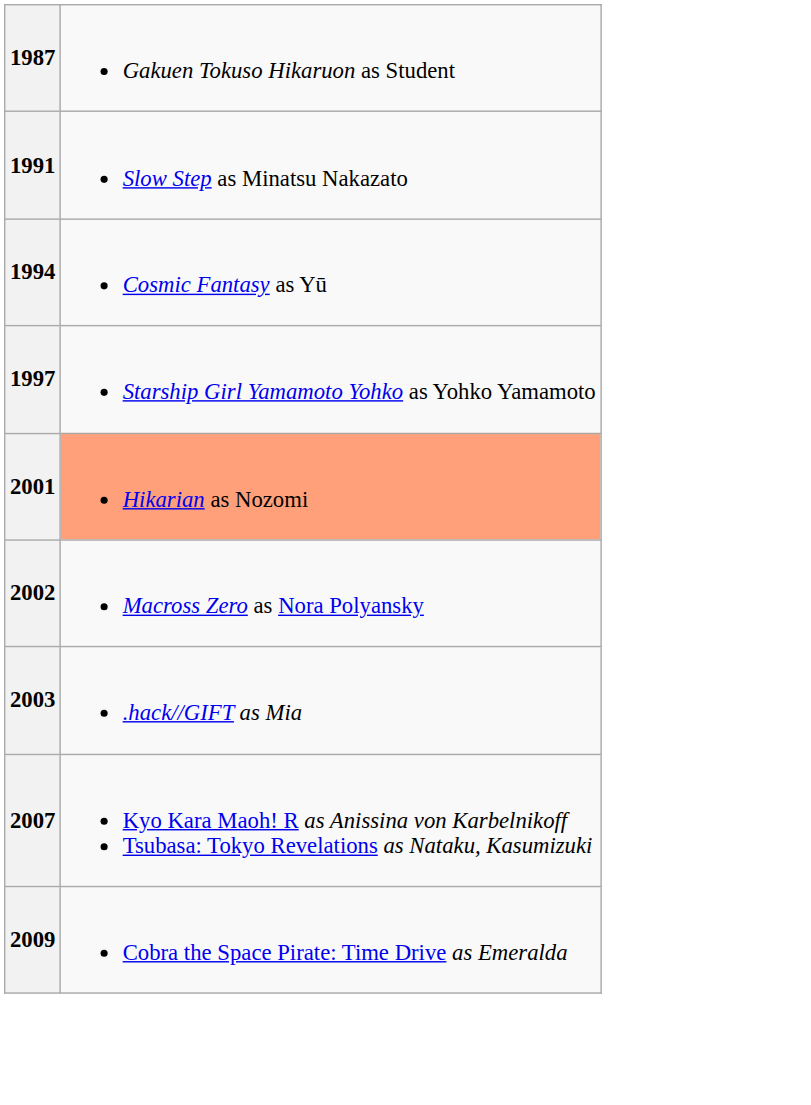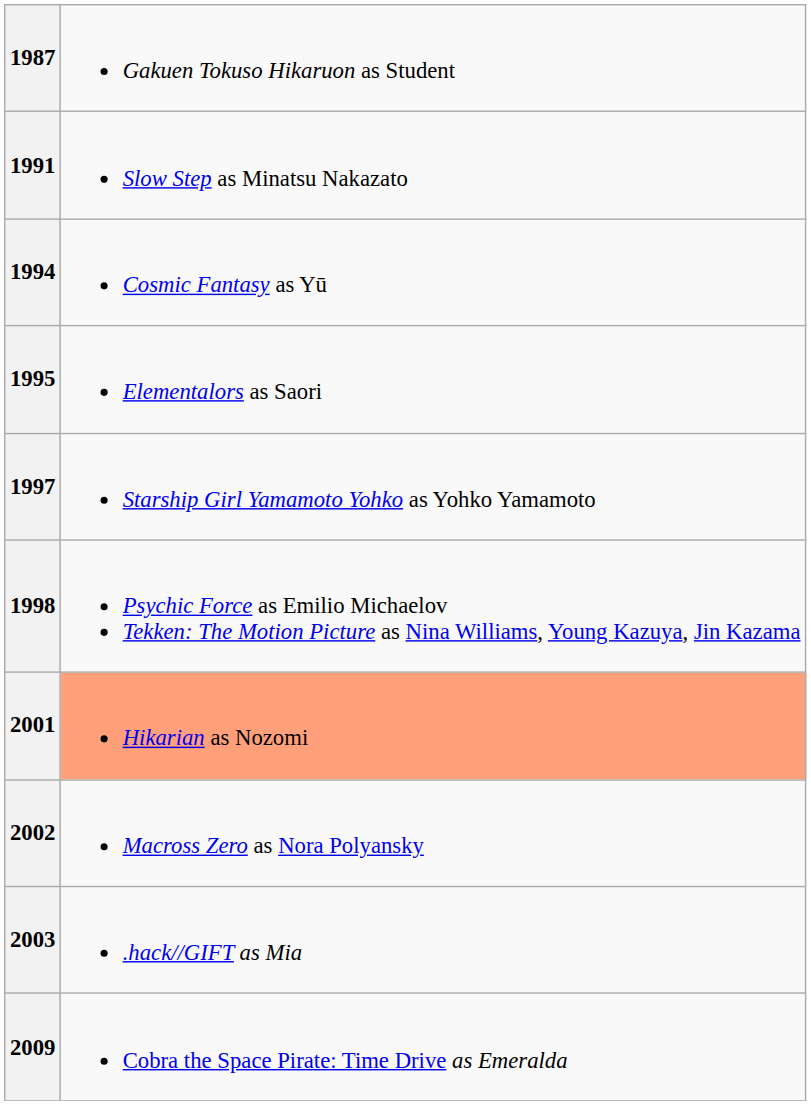 <table class="wikitable" width="all">
 <tr>
 <th>1987</th>
 <td><br><ul><li><em>Gakuen Tokuso Hikaruon</em> as Student</li></ul></td>
 </tr>
 <tr>
 <th>1991</th>
 <td><br><ul><li><em><a href='#'>Slow Step</a></em> as Minatsu Nakazato</li></ul></td>
 </tr>
 <tr>
 <th>1994</th>
 <td><br><ul><li><em><a href='#'>Cosmic Fantasy</a></em> as Yū</li></ul></td>
 </tr>
 <tr>
+<th>1995</th>
+<td><br><ul><li><em><a href='#'>Elementalors</a></em> as Saori</li></ul></td>
+</tr>
+<tr>
 <th>1997</th>
 <td><br><ul><li><em><a href='#'>Starship Girl Yamamoto Yohko</a></em> as Yohko Yamamoto</li></ul></td>
+</tr>
+<tr>
+<th>1998</th>
+<td><br><ul><li><em><a href='#'>Psychic Force</a></em> as Emilio Michaelov</li><li><em><a href='#'>Tekken: The Motion Picture</a></em> as <a href='#'>Nina Williams</a>, <a href='#'>Young Kazuya</a>, <a href='#'>Jin Kazama</a></li></ul></td>
 </tr>
 <tr>
 <th>2001</th>
 <td style="background: lightsalmon;"><br><ul><li><em><a href='#'>Hikarian</a></em> as Nozomi</li></ul></td>
 </tr>
 <tr>
 <th>2002</th>
 <td><br><ul><li><em><a href='#'>Macross Zero</a></em> as <a href='#'>Nora Polyansky</a></li></ul></td>
 </tr>
 <tr>
 <th>2003</th>
 <td><br><ul><li><em><a href='#'>.hack//GIFT</a> as Mia</li></ul></td>
 </tr>
 <tr>
-<th>2007</th>
-<td><br><ul><li></em><a href='#'>Kyo Kara Maoh! R</a><em> as Anissina von Karbelnikoff</li><li></em><a href='#'>Tsubasa: Tokyo Revelations</a><em> as Nataku, Kasumizuki</li></ul></td>
-</tr>
-<tr>
 <th>2009</th>
 <td><br><ul><li></em><a href='#'>Cobra the Space Pirate: Time Drive</a><em> as Emeralda</li></ul></td>
 </tr>
 </table>
